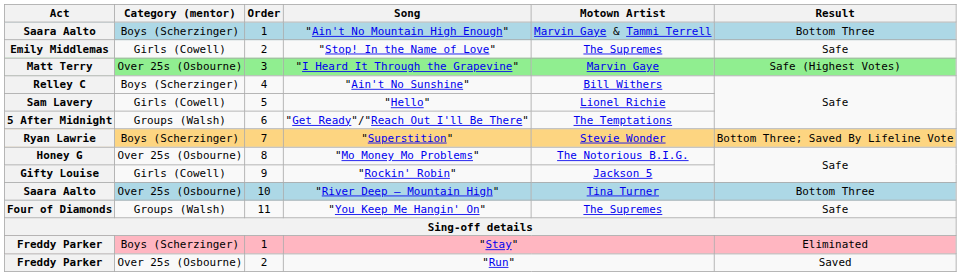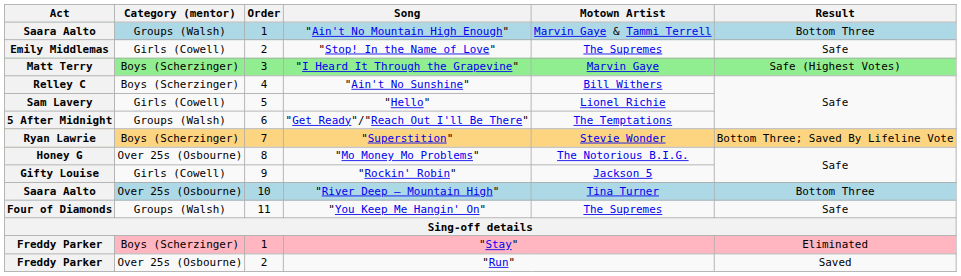 <table class="wikitable plainrowheaders" style="text-align:center;">
 <tr>
 <th scope="col">Act</th>
 <th scope="col">Category (mentor)</th>
 <th scope="col">Order</th>
 <th scope="col">Song</th>
 <th scope="col">Motown Artist</th>
 <th scope="col">Result</th>
 </tr>
 <tr style="background:lightblue;">
 <th scope="row">Saara Aalto</th>
-<td>Boys (Scherzinger)</td>
+<td>Groups (Walsh)</td>
 <td>1</td>
 <td>"<a href='#'>Ain't No Mountain High Enough</a>"</td>
 <td><a href='#'>Marvin Gaye</a> & <a href='#'>Tammi Terrell</a></td>
 <td>Bottom Three</td>
 </tr>
 <tr>
 <th scope="row">Emily Middlemas</th>
 <td>Girls (Cowell)</td>
 <td>2</td>
 <td>"<a href='#'>Stop! In the Name of Love</a>"</td>
 <td><a href='#'>The Supremes</a></td>
 <td>Safe</td>
 </tr>
 <tr style="background:lightgreen;">
 <th scope="row">Matt Terry</th>
-<td>Over 25s (Osbourne)</td>
+<td>Boys (Scherzinger)</td>
 <td>3</td>
 <td>"<a href='#'>I Heard It Through the Grapevine</a>"</td>
 <td><a href='#'>Marvin Gaye</a></td>
 <td>Safe (Highest Votes)</td>
 </tr>
 <tr>
 <th scope="row">Relley C</th>
 <td>Boys (Scherzinger)</td>
 <td>4</td>
 <td>"<a href='#'>Ain't No Sunshine</a>"</td>
 <td><a href='#'>Bill Withers</a></td>
 <td rowspan=3>Safe</td>
 </tr>
 <tr>
 <th scope="row">Sam Lavery</th>
 <td>Girls (Cowell)</td>
 <td>5</td>
 <td>"<a href='#'>Hello</a>"</td>
 <td><a href='#'>Lionel Richie</a></td>
 </tr>
 <tr>
 <th scope="row">5 After Midnight</th>
 <td>Groups (Walsh)</td>
 <td>6</td>
 <td>"<a href='#'>Get Ready</a>"/"<a href='#'>Reach Out I'll Be There</a>"</td>
 <td><a href='#'>The Temptations</a></td>
 </tr>
 <tr style="background:#fdd581;">
 <th scope="row">Ryan Lawrie</th>
 <td>Boys (Scherzinger)</td>
 <td>7</td>
 <td>"<a href='#'>Superstition</a>"</td>
 <td><a href='#'>Stevie Wonder</a></td>
 <td>Bottom Three; Saved By Lifeline Vote</td>
 </tr>
 <tr>
 <th scope="row">Honey G</th>
 <td>Over 25s (Osbourne)</td>
 <td>8</td>
 <td>"<a href='#'>Mo Money Mo Problems</a>"</td>
 <td><a href='#'>The Notorious B.I.G.</a></td>
 <td rowspan=2>Safe</td>
 </tr>
 <tr>
 <th scope="row">Gifty Louise</th>
 <td>Girls (Cowell)</td>
 <td>9</td>
 <td>"<a href='#'>Rockin' Robin</a>"</td>
 <td><a href='#'>Jackson 5</a></td>
 </tr>
 <tr style="background:lightblue;">
 <th scope="row">Saara Aalto</th>
 <td>Over 25s (Osbourne)</td>
 <td>10</td>
 <td>"<a href='#'>River Deep – Mountain High</a>"</td>
 <td><a href='#'>Tina Turner</a></td>
 <td>Bottom Three</td>
 </tr>
 <tr>
 <th scope="row">Four of Diamonds</th>
 <td>Groups (Walsh)</td>
 <td>11</td>
 <td>"<a href='#'>You Keep Me Hangin' On</a>"</td>
 <td><a href='#'>The Supremes</a></td>
 <td>Safe</td>
 </tr>
 <tr>
 <th colspan="6">Sing-off details</th>
 </tr>
 <tr style="background:lightpink;">
 <th scope="row">Freddy Parker</th>
 <td>Boys (Scherzinger)</td>
 <td>1</td>
 <td colspan="2">"<a href='#'>Stay</a>"</td>
 <td>Eliminated</td>
 </tr>
 <tr>
 <th scope="row">Freddy Parker</th>
 <td>Over 25s (Osbourne)</td>
 <td>2</td>
 <td colspan="2">"<a href='#'>Run</a>"</td>
 <td>Saved</td>
 </tr>
 </table>
